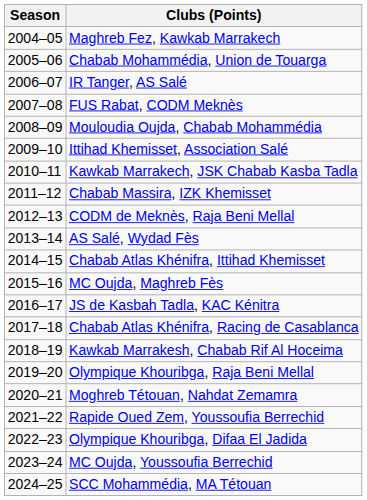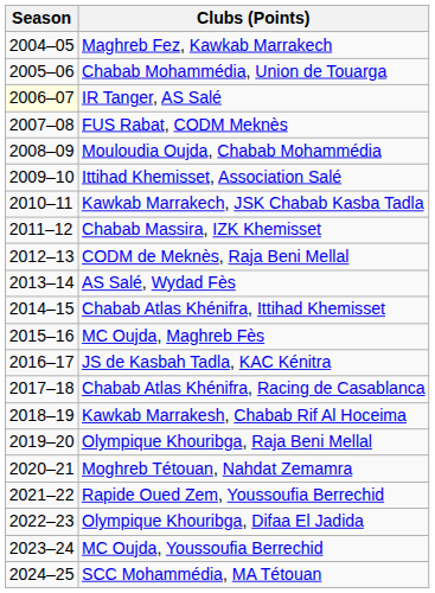 <table class="wikitable" style="text-align:left;">
 <tr>
 <th>Season</th>
 <th>Clubs (Points)</th>
 </tr>
 <tr>
 <td>2004–05</td>
 <td><a href='#'>Maghreb Fez</a>, <a href='#'>Kawkab Marrakech</a></td>
 </tr>
 <tr>
 <td>2005–06</td>
 <td><a href='#'>Chabab Mohammédia</a>, <a href='#'>Union de Touarga</a></td>
 </tr>
 <tr>
-<td>2006–07</td>
+<td style="background: lightyellow;">2006–07</td>
 <td><a href='#'>IR Tanger</a>, <a href='#'>AS Salé</a></td>
 </tr>
 <tr>
 <td>2007–08</td>
 <td><a href='#'>FUS Rabat</a>, <a href='#'>CODM Meknès</a></td>
 </tr>
 <tr>
 <td>2008–09</td>
 <td><a href='#'>Mouloudia Oujda</a>, <a href='#'>Chabab Mohammédia</a></td>
 </tr>
 <tr>
 <td>2009–10</td>
 <td><a href='#'>Ittihad Khemisset</a>, <a href='#'>Association Salé</a></td>
 </tr>
 <tr>
 <td>2010–11</td>
 <td><a href='#'>Kawkab Marrakech</a>, <a href='#'>JSK Chabab Kasba Tadla</a></td>
 </tr>
 <tr>
 <td>2011–12</td>
 <td><a href='#'>Chabab Massira</a>, <a href='#'>IZK Khemisset</a></td>
 </tr>
 <tr>
 <td>2012–13</td>
 <td><a href='#'>CODM de Meknès</a>, <a href='#'>Raja Beni Mellal</a></td>
 </tr>
 <tr>
 <td>2013–14</td>
 <td><a href='#'>AS Salé</a>, <a href='#'>Wydad Fès</a></td>
 </tr>
 <tr>
 <td>2014–15</td>
 <td><a href='#'>Chabab Atlas Khénifra</a>, <a href='#'>Ittihad Khemisset</a></td>
 </tr>
 <tr>
 <td>2015–16</td>
 <td><a href='#'>MC Oujda</a>, <a href='#'>Maghreb Fès</a></td>
 </tr>
 <tr>
 <td>2016–17</td>
 <td><a href='#'>JS de Kasbah Tadla</a>, <a href='#'>KAC Kénitra</a></td>
 </tr>
 <tr>
 <td>2017–18</td>
 <td><a href='#'>Chabab Atlas Khénifra</a>, <a href='#'>Racing de Casablanca</a></td>
 </tr>
 <tr>
 <td>2018–19</td>
 <td><a href='#'>Kawkab Marrakesh</a>, <a href='#'>Chabab Rif Al Hoceima</a></td>
 </tr>
 <tr>
 <td>2019–20</td>
 <td><a href='#'>Olympique Khouribga</a>, <a href='#'>Raja Beni Mellal</a></td>
 </tr>
 <tr>
 <td>2020–21</td>
 <td><a href='#'>Moghreb Tétouan</a>, <a href='#'>Nahdat Zemamra</a></td>
 </tr>
 <tr>
 <td>2021–22</td>
 <td><a href='#'>Rapide Oued Zem</a>, <a href='#'>Youssoufia Berrechid</a></td>
 </tr>
 <tr>
 <td>2022–23</td>
 <td><a href='#'>Olympique Khouribga</a>, <a href='#'>Difaa El Jadida</a></td>
 </tr>
 <tr>
 <td>2023–24</td>
 <td><a href='#'>MC Oujda</a>, <a href='#'>Youssoufia Berrechid</a></td>
 </tr>
 <tr>
 <td>2024–25</td>
 <td><a href='#'>SCC Mohammédia</a>, <a href='#'>MA Tétouan</a></td>
 </tr>
 </table>
